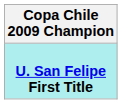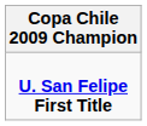 <table class="wikitable" style="text-align: center; margin: 0 auto;">
 <tr>
 <th>Copa Chile<br>2009 Champion</th>
 </tr>
 <tr>
-<td style="background: paleturquoise;"><br><strong><a href='#'>U. San Felipe</a></strong><br><strong>First Title</strong></td>
+<td><br><strong><a href='#'>U. San Felipe</a></strong><br><strong>First Title</strong></td>
 </tr>
 </table>
